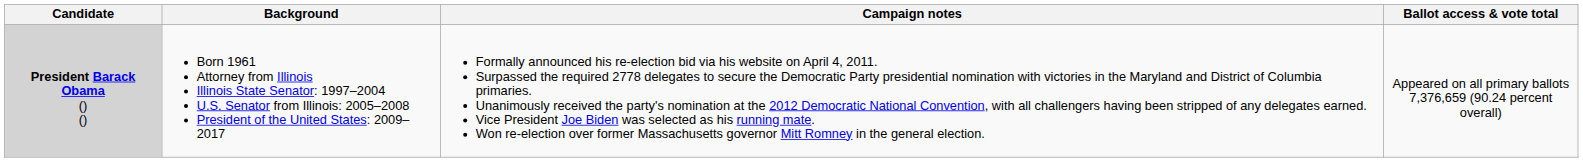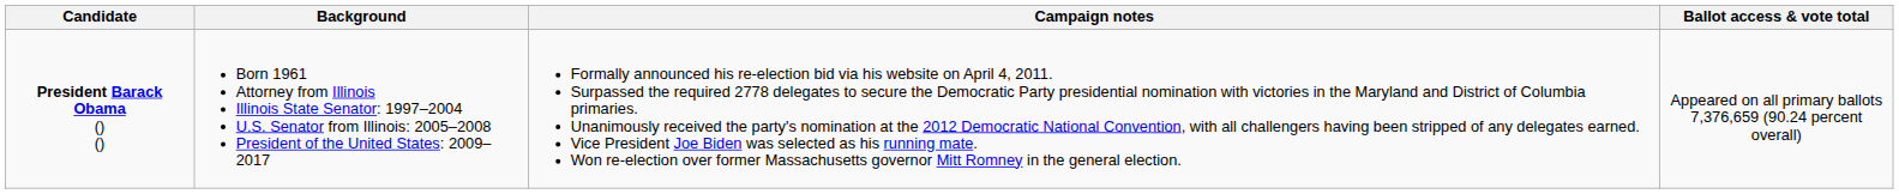 <table class=wikitable>
 <tr>
 <th>Candidate</th>
 <th>Background</th>
 <th>Campaign notes</th>
 <th>Ballot access & vote total</th>
 </tr>
 <tr>
-<td align="center" style="background: lightgrey;"><br><strong>President <a href='#'>Barack Obama</a></strong> <br>()<br>()</td>
+<td align="center"><br><strong>President <a href='#'>Barack Obama</a></strong> <br>()<br>()</td>
 <td><br><ul><li>Born 1961</li><li>Attorney from <a href='#'>Illinois</a></li><li><a href='#'>Illinois State Senator</a>: 1997–2004</li><li><a href='#'>U.S. Senator</a> from Illinois: 2005–2008</li><li><a href='#'>President of the United States</a>: 2009–2017</li></ul></td>
 <td><br><ul><li>Formally announced his re-election bid via his website on April 4, 2011.</li><li>Surpassed the required 2778 delegates to secure the Democratic Party presidential nomination with victories in the Maryland and District of Columbia primaries.</li><li>Unanimously received the party's nomination at the <a href='#'>2012 Democratic National Convention</a>, with all challengers having been stripped of any delegates earned.</li><li>Vice President <a href='#'>Joe Biden</a> was selected as his <a href='#'>running mate</a>.</li><li>Won re-election over former Massachusetts governor <a href='#'>Mitt Romney</a> in the general election.</li></ul></td>
 <td align="center"><br> Appeared on all primary ballots<br> 7,376,659 (90.24 percent overall)</td>
 </tr>
 </table>
